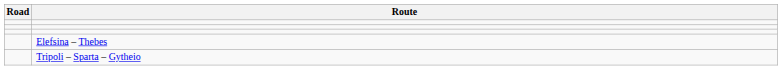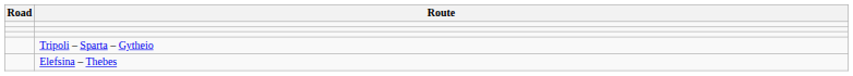 <table class=wikitable>
 <tr>
 <th>Road</th>
 <th style="width:100%">Route</th>
 </tr>
 <tr>
 <td style="text-align:center;vertical-align:top"></td>
 <td></td>
 </tr>
 <tr>
 <td style="text-align:center;vertical-align:top"></td>
 <td></td>
 </tr>
 <tr>
 <td style="text-align:center;vertical-align:top"></td>
 <td></td>
 </tr>
 <tr>
 <td style="text-align:center;vertical-align:top"></td>
-<td> <a href='#'>Elefsina</a> – <a href='#'>Thebes</a></td>
+<td> <a href='#'>Tripoli</a> – <a href='#'>Sparta</a> – <a href='#'>Gytheio</a></td>
 </tr>
 <tr>
 <td style="text-align:center;vertical-align:top"></td>
-<td> <a href='#'>Tripoli</a> – <a href='#'>Sparta</a> – <a href='#'>Gytheio</a></td>
+<td> <a href='#'>Elefsina</a> – <a href='#'>Thebes</a></td>
 </tr>
 </table>
